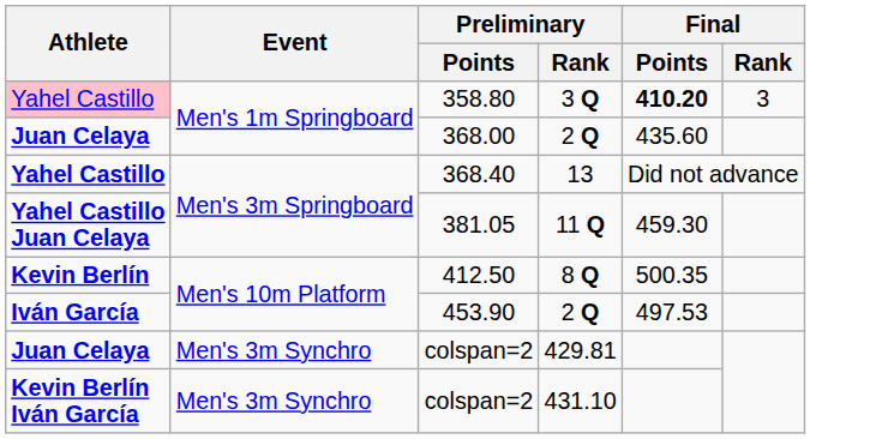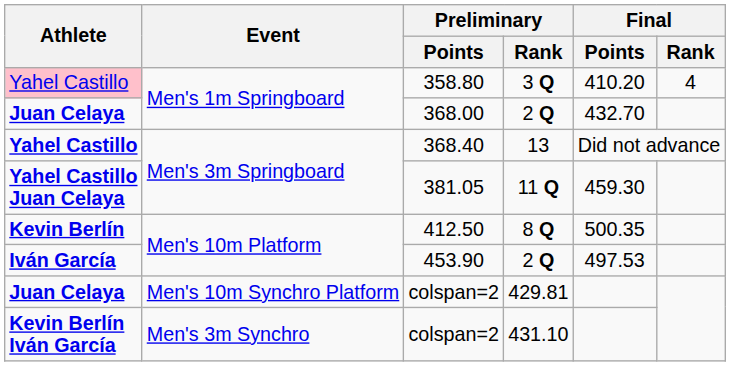 <table class=wikitable style="font-size:90%">
 <tr>
 <th rowspan="2">Athlete</th>
 <th rowspan="2">Event</th>
 <th colspan="2">Preliminary</th>
 <th colspan="2">Final</th>
 </tr>
 <tr>
 <th>Points</th>
 <th>Rank</th>
 <th>Points</th>
 <th>Rank</th>
 </tr>
 <tr align=center>
 <td align=left style="background: pink;"><a href='#'>Yahel Castillo</a></td>
 <td rowspan="2" align=left><a href='#'>Men's 1m Springboard</a></td>
 <td>358.80</td>
 <td>3 <strong>Q</strong></td>
-<td><strong>410.20</strong></td>
-<td>3</td>
+<td>410.20</td>
+<td>4</td>
 </tr>
 <tr align=center>
 <td align=left><strong><a href='#'>Juan Celaya</a></strong></td>
 <td>368.00</td>
 <td>2 <strong>Q</strong></td>
-<td>435.60</td>
+<td>432.70</td>
 <td></td>
 </tr>
 <tr align=center>
 <td align=left><strong><a href='#'>Yahel Castillo</a></strong></td>
 <td rowspan="2" align=left><a href='#'>Men's 3m Springboard</a></td>
 <td>368.40</td>
 <td>13</td>
 <td colspan=2>Did not advance</td>
 </tr>
 <tr align=center>
 <td align=left><strong><a href='#'>Yahel Castillo</a><br><a href='#'>Juan Celaya</a></strong></td>
 <td>381.05</td>
 <td>11 <strong>Q</strong></td>
 <td>459.30</td>
 <td></td>
 </tr>
 <tr align=center>
 <td align=left><strong><a href='#'>Kevin Berlín</a></strong></td>
 <td rowspan="2" align=left><a href='#'>Men's 10m Platform</a></td>
 <td>412.50</td>
 <td>8 <strong>Q</strong></td>
 <td>500.35</td>
 <td></td>
 </tr>
 <tr align=center>
 <td align=left><strong><a href='#'>Iván García</a></strong></td>
 <td>453.90</td>
 <td>2 <strong>Q</strong></td>
 <td>497.53</td>
 <td></td>
 </tr>
 <tr align=center>
 <td align=left><strong><a href='#'>Juan Celaya</a></strong></td>
-<td align=left><a href='#'>Men's 3m Synchro</a></td>
+<td align=left><a href='#'>Men's 10m Synchro Platform</a></td>
 <td>colspan=2 </td>
 <td>429.81</td>
 <td></td>
 </tr>
 <tr align=center>
 <td align=left><strong><a href='#'>Kevin Berlín</a><br><a href='#'>Iván García</a></strong></td>
 <td align=left><a href='#'>Men's 3m Synchro</a></td>
 <td>colspan=2 </td>
 <td>431.10</td>
 <td></td>
 </tr>
 </table>
